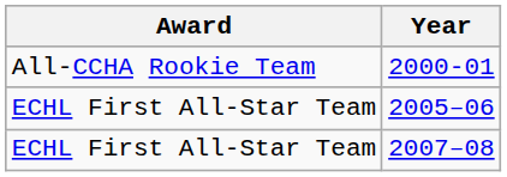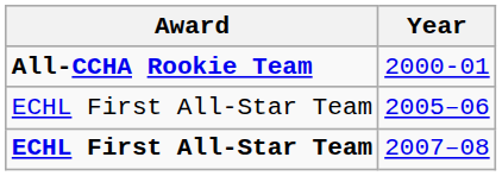 <table class="wikitable">
 <tr>
 <th>Award</th>
 <th>Year</th>
 </tr>
 <tr>
-<td>All-<a href='#'>CCHA</a> <a href='#'>Rookie Team</a></td>
+<td><strong>All-<a href='#'>CCHA</a> <a href='#'>Rookie Team</a></strong></td>
 <td><a href='#'>2000-01</a></td>
 </tr>
 <tr>
 <td><a href='#'>ECHL</a> First All-Star Team</td>
 <td><a href='#'>2005–06</a></td>
 </tr>
 <tr>
-<td><a href='#'>ECHL</a> First All-Star Team</td>
+<td><strong><a href='#'>ECHL</a> First All-Star Team</strong></td>
 <td><a href='#'>2007–08</a></td>
 </tr>
 </table>
